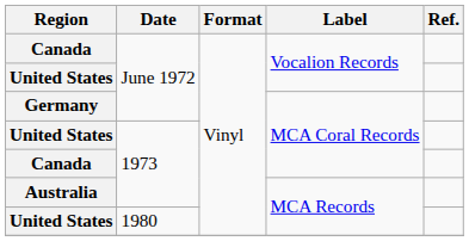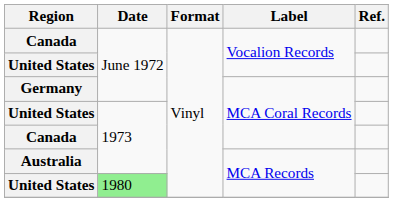 <table class="wikitable plainrowheaders">
 <tr>
 <th scope="col">Region</th>
 <th scope="col">Date</th>
 <th scope="col">Format</th>
 <th scope="col">Label</th>
 <th scope="col">Ref.</th>
 </tr>
 <tr>
 <th scope="row">Canada</th>
 <td rowspan="3">June 1972</td>
 <td rowspan="7">Vinyl</td>
 <td rowspan="2"><a href='#'>Vocalion Records</a></td>
 <td></td>
 </tr>
 <tr>
 <th scope="row">United States</th>
 <td></td>
 </tr>
 <tr>
 <th scope="row">Germany</th>
 <td rowspan="3"><a href='#'>MCA Coral Records</a></td>
 <td></td>
 </tr>
 <tr>
 <th scope="row">United States</th>
 <td rowspan="3">1973</td>
 <td></td>
 </tr>
 <tr>
 <th scope="row">Canada</th>
 <td></td>
 </tr>
 <tr>
 <th scope="row">Australia</th>
 <td rowspan="2"><a href='#'>MCA Records</a></td>
 <td></td>
 </tr>
 <tr>
 <th scope="row">United States</th>
-<td>1980</td>
+<td style="background: lightgreen;">1980</td>
 <td></td>
 </tr>
 <tr>
 </tr>
 </table>
